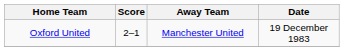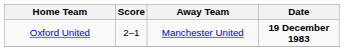 <table class="wikitable" style="text-align:center;">
 <tr>
 <th width=175>Home Team</th>
 <th width=20>Score</th>
 <th width=175>Away Team</th>
 <th width=125>Date</th>
 </tr>
 <tr>
 <td><a href='#'>Oxford United</a></td>
 <td>2–1</td>
 <td><a href='#'>Manchester United</a></td>
-<td>19 December 1983</td>
+<td><strong>19 December 1983</strong></td>
 </tr>
 <tr>
 </tr>
 </table>
